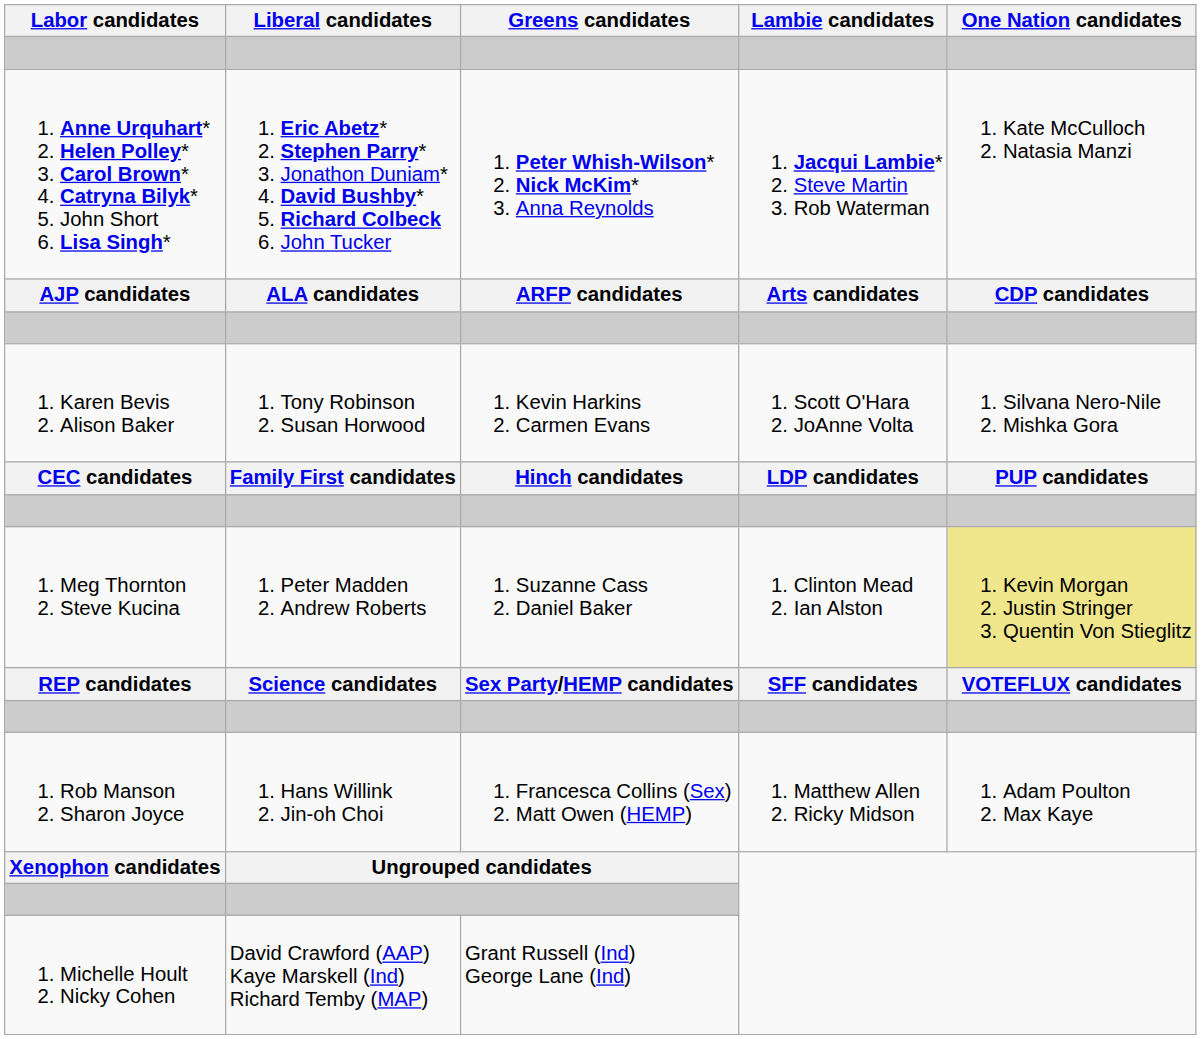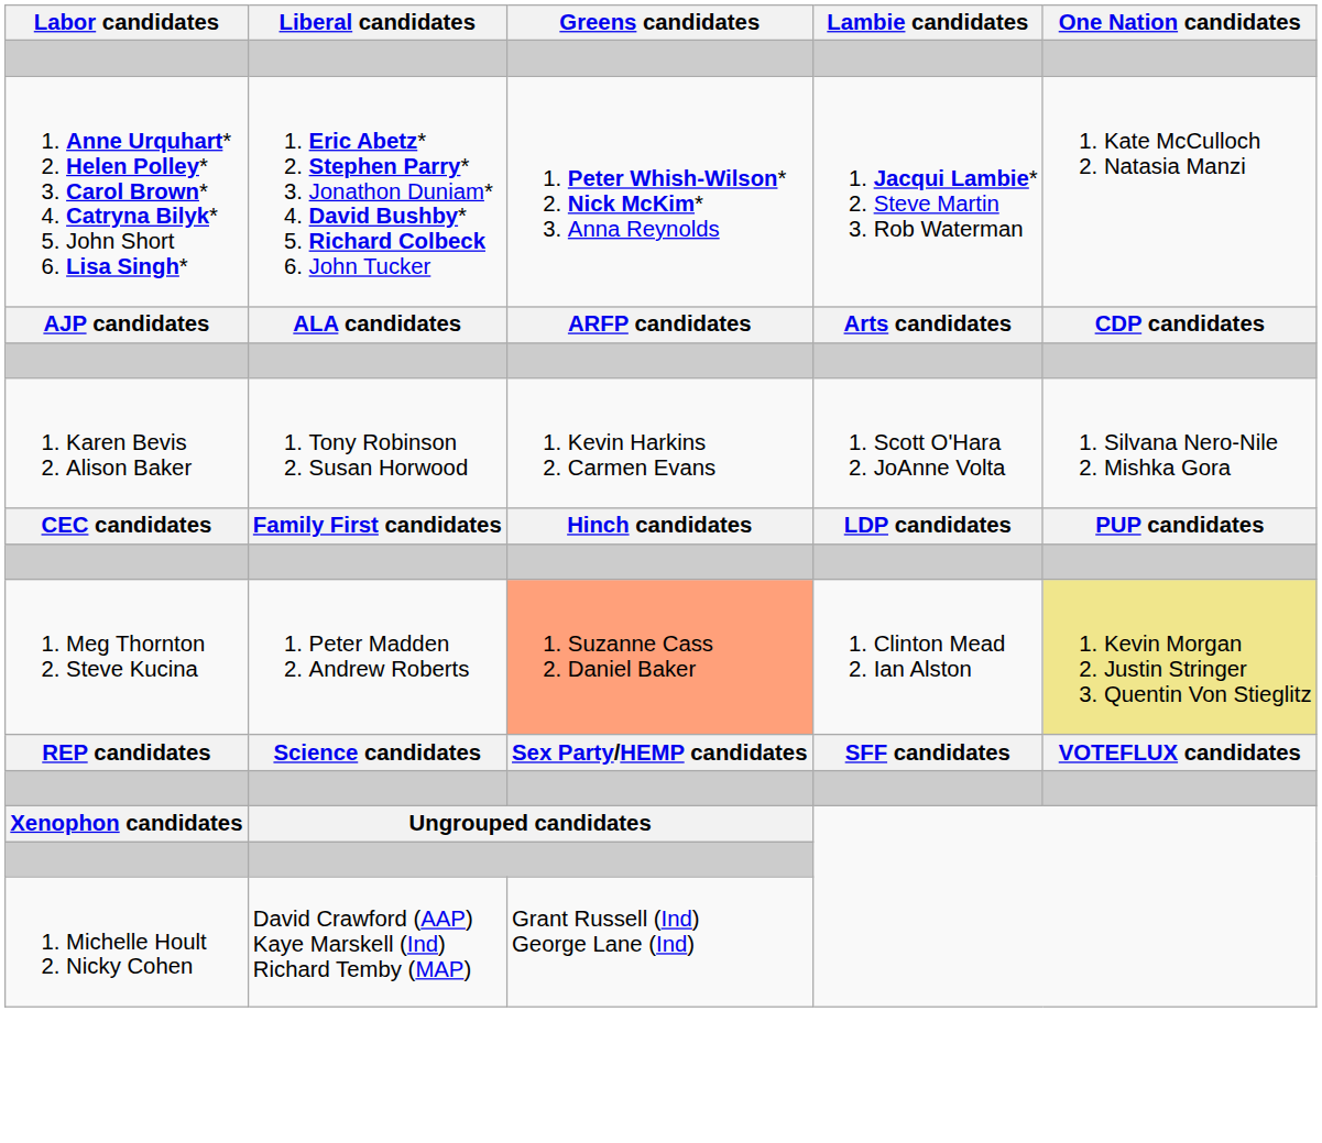 <table class="wikitable">
 <tr>
 <th><a href='#'>Labor</a> candidates</th>
 <th><a href='#'>Liberal</a> candidates</th>
 <th><a href='#'>Greens</a> candidates</th>
 <th><a href='#'>Lambie</a> candidates</th>
 <th><a href='#'>One Nation</a> candidates</th>
 </tr>
 <tr style="background:#ccc;">
 <td></td>
 <td></td>
 <td></td>
 <td> </td>
 <td> </td>
 </tr>
 <tr>
 <td><br><ol><li><strong><a href='#'>Anne Urquhart</a></strong>*</li><li><strong><a href='#'>Helen Polley</a></strong>*</li><li><strong><a href='#'>Carol Brown</a></strong>*</li><li><strong><a href='#'>Catryna Bilyk</a></strong>*</li><li>John Short</li><li><strong><a href='#'>Lisa Singh</a></strong>*</li></ol></td>
 <td><br><ol><li><strong><a href='#'>Eric Abetz</a></strong>*</li><li><strong><a href='#'>Stephen Parry</a></strong>*</li><li><a href='#'>Jonathon Duniam</a>*</li><li><strong><a href='#'>David Bushby</a></strong>*</li><li><strong><a href='#'>Richard Colbeck</a></strong></li><li><a href='#'>John Tucker</a></li></ol></td>
 <td><br><ol><li><strong><a href='#'>Peter Whish-Wilson</a></strong>*</li><li><strong><a href='#'>Nick McKim</a></strong>*</li><li><a href='#'>Anna Reynolds</a></li></ol></td>
 <td><br><ol><li><strong><a href='#'>Jacqui Lambie</a></strong>*</li><li><a href='#'>Steve Martin</a></li><li>Rob Waterman</li></ol></td>
 <td valign=top><br><ol><li>Kate McCulloch</li><li>Natasia Manzi</li></ol></td>
 </tr>
 <tr style="background:#ccc;">
 <th><a href='#'>AJP</a> candidates</th>
 <th><a href='#'>ALA</a> candidates</th>
 <th><a href='#'>ARFP</a> candidates</th>
 <th><a href='#'>Arts</a> candidates</th>
 <th><a href='#'>CDP</a> candidates</th>
 </tr>
 <tr style="background:#ccc;">
 <td></td>
 <td> </td>
 <td> </td>
 <td> </td>
 <td> </td>
 </tr>
 <tr>
 <td valign=top><br><ol><li>Karen Bevis</li><li>Alison Baker</li></ol></td>
 <td valign=top><br><ol><li>Tony Robinson</li><li>Susan Horwood</li></ol></td>
 <td valign=top><br><ol><li>Kevin Harkins</li><li>Carmen Evans</li></ol></td>
 <td valign=top><br><ol><li>Scott O'Hara</li><li>JoAnne Volta</li></ol></td>
 <td valign=top><br><ol><li>Silvana Nero-Nile</li><li>Mishka Gora</li></ol></td>
 </tr>
 <tr style="background:#ccc;">
 <th><a href='#'>CEC</a> candidates</th>
 <th><a href='#'>Family First</a> candidates</th>
 <th><a href='#'>Hinch</a> candidates</th>
 <th><a href='#'>LDP</a> candidates</th>
 <th><a href='#'>PUP</a> candidates</th>
 </tr>
 <tr style="background:#ccc;">
 <td> </td>
 <td> </td>
 <td> </td>
 <td> </td>
 <td> </td>
 </tr>
 <tr>
 <td valign=top><br><ol><li>Meg Thornton</li><li>Steve Kucina</li></ol></td>
 <td valign=top><br><ol><li>Peter Madden</li><li>Andrew Roberts</li></ol></td>
-<td valign=top><br><ol><li>Suzanne Cass</li><li>Daniel Baker</li></ol></td>
+<td valign=top style="background: lightsalmon;"><br><ol><li>Suzanne Cass</li><li>Daniel Baker</li></ol></td>
 <td valign=top><br><ol><li>Clinton Mead</li><li>Ian Alston</li></ol></td>
 <td valign=top style="background: khaki;"><br><ol><li>Kevin Morgan</li><li>Justin Stringer</li><li>Quentin Von Stieglitz</li></ol></td>
 </tr>
 <tr style="background:#ccc;">
 <th><a href='#'>REP</a> candidates</th>
 <th><a href='#'>Science</a> candidates</th>
 <th><a href='#'>Sex Party</a>/<a href='#'>HEMP</a> candidates</th>
 <th><a href='#'>SFF</a> candidates</th>
 <th><a href='#'>VOTEFLUX</a> candidates</th>
 </tr>
 <tr style="background:#ccc;">
 <td> </td>
 <td> </td>
 <td> </td>
 <td> </td>
 <td> </td>
 </tr>
-<tr>
-<td valign=top><br><ol><li>Rob Manson</li><li>Sharon Joyce</li></ol></td>
-<td valign=top><br><ol><li>Hans Willink</li><li>Jin-oh Choi</li></ol></td>
-<td valign=top><br><ol><li>Francesca Collins (<a href='#'>Sex</a>)</li><li>Matt Owen (<a href='#'>HEMP</a>)</li></ol></td>
-<td valign=top><br><ol><li>Matthew Allen</li><li>Ricky Midson</li></ol></td>
-<td valign=top><br><ol><li>Adam Poulton</li><li>Max Kaye</li></ol></td>
-</tr>
 <tr style="background:#ccc;">
 <th><a href='#'>Xenophon</a> candidates</th>
 <th colspan=2>Ungrouped candidates</th>
 </tr>
 <tr style="background:#ccc;">
 <td> </td>
 <td colspan=2> </td>
 </tr>
 <tr>
 <td valign=top><br><ol><li>Michelle Hoult</li><li>Nicky Cohen</li></ol></td>
 <td valign=top><br>David Crawford (<a href='#'>AAP</a>)<br> Kaye Marskell (<a href='#'>Ind</a>)<br> Richard Temby (<a href='#'>MAP</a>)</td>
 <td valign=top><br>Grant Russell (<a href='#'>Ind</a>)<br> George Lane (<a href='#'>Ind</a>)</td>
 </tr>
 </table>
